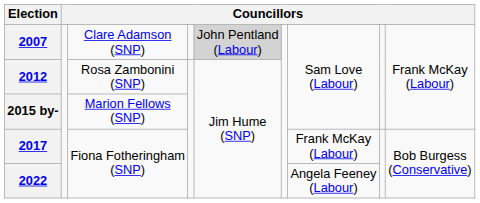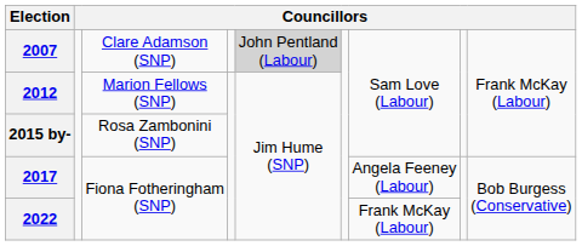 <table class="wikitable" style="text-align:center">
 <tr>
 <th>Election</th>
 <th colspan=8>Councillors</th>
 </tr>
 <tr>
 <th><a href='#'>2007</a></th>
 <td rowspan=5; style="background-color: "></td>
 <td rowspan=1><a href='#'>Clare Adamson</a><br>(<a href='#'>SNP</a>)</td>
 <td rowspan=1; style="background-color: "></td>
 <td rowspan=1 style="background: lightgrey;">John Pentland<br>(<a href='#'>Labour</a>)</td>
 <td rowspan=5; style="background-color: "></td>
 <td rowspan=3>Sam Love<br>(<a href='#'>Labour</a>)</td>
 <td rowspan=3; style="background-color: "></td>
 <td rowspan=3>Frank McKay<br>(<a href='#'>Labour</a>)</td>
 </tr>
 <tr>
 <th><a href='#'>2012</a></th>
-<td rowspan=1>Rosa Zambonini<br>(<a href='#'>SNP</a>)</td>
+<td rowspan=1><a href='#'>Marion Fellows</a><br>(<a href='#'>SNP</a>)</td>
 <td rowspan=4; style="background-color: "></td>
 <td rowspan=4>Jim Hume<br>(<a href='#'>SNP</a>)</td>
 </tr>
 <tr>
 <th>2015 by-</th>
-<td rowspan=1><a href='#'>Marion Fellows</a><br>(<a href='#'>SNP</a>)</td>
+<td rowspan=1>Rosa Zambonini<br>(<a href='#'>SNP</a>)</td>
 </tr>
 <tr>
 <th><a href='#'>2017</a></th>
 <td rowspan=2>Fiona Fotheringham<br>(<a href='#'>SNP</a>)</td>
-<td rowspan=1>Frank McKay<br>(<a href='#'>Labour</a>)</td>
+<td rowspan=1>Angela Feeney<br>(<a href='#'>Labour</a>)</td>
 <td rowspan=2; style="background-color: "></td>
 <td rowspan=2>Bob Burgess<br>(<a href='#'>Conservative</a>)</td>
 </tr>
 <tr>
 <th><a href='#'>2022</a></th>
-<td rowspan=1>Angela Feeney<br>(<a href='#'>Labour</a>)</td>
+<td rowspan=1>Frank McKay<br>(<a href='#'>Labour</a>)</td>
 </tr>
 </table>
